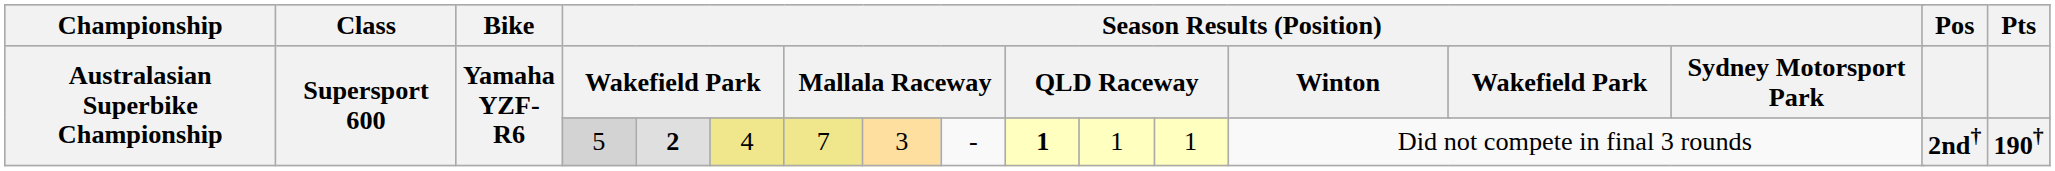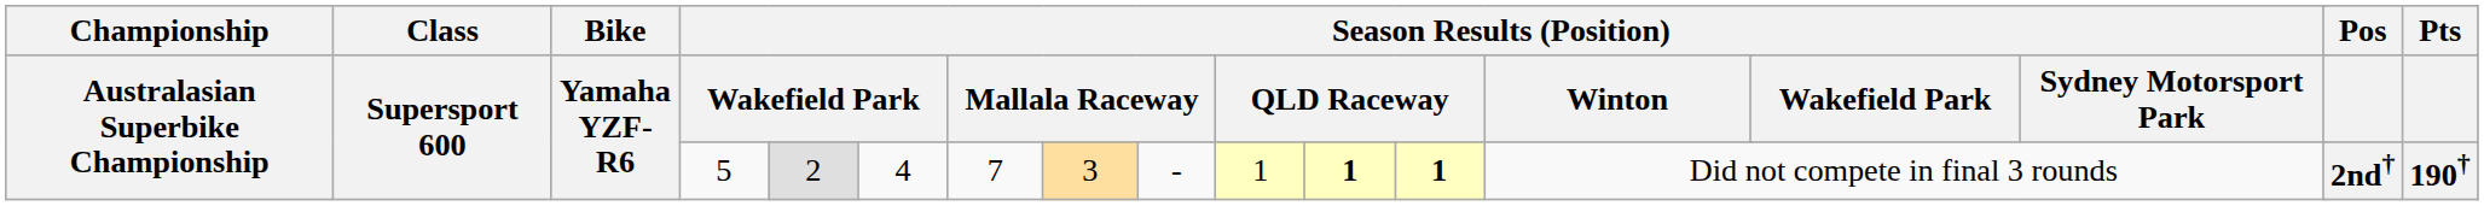 <table class="wikitable" style="text-align:center">
 <tr>
 <th>Championship</th>
 <th>Class</th>
 <th>Bike</th>
 <th colspan=18>Season Results (Position)</th>
 <th>Pos</th>
 <th>Pts</th>
 </tr>
 <tr>
 <th rowspan=2>Australasian Superbike <br> Championship</th>
 <th rowspan=2>Supersport 600</th>
 <th rowspan=2>Yamaha <br> YZF-R6</th>
 <th colspan=3 width="132pt">Wakefield Park</th>
 <th colspan=3 width="132pt">Mallala Raceway</th>
 <th colspan=3 width="132pt">QLD Raceway</th>
 <th colspan=3 width="132pt">Winton</th>
 <th colspan=3 width="132pt">Wakefield Park</th>
 <th colspan=3 width="150pt">Sydney Motorsport Park</th>
 <th></th>
 <th></th>
 </tr>
 <tr>
-<td style="background: lightgrey;">5</td>
-<td style="background:#dfdfdf;"><strong>2</strong></td>
-<td style="background: khaki;">4</td>
-<td style="background: khaki;">7</td>
+<td>5</td>
+<td style="background:#dfdfdf;">2</td>
+<td>4</td>
+<td>7</td>
 <td style="background:#ffdf9f;">3</td>
 <td>-</td>
+<td style="background:#ffffbf;">1</td>
 <td style="background:#ffffbf;"><strong>1</strong></td>
-<td style="background:#ffffbf;">1</td>
-<td style="background:#ffffbf;">1</td>
+<td style="background:#ffffbf;"><strong>1</strong></td>
 <td colspan=9>Did not compete in final 3 rounds</td>
 <th>2nd<sup>†</sup></th>
 <th>190<sup>†</sup></th>
 </tr>
 </table>
